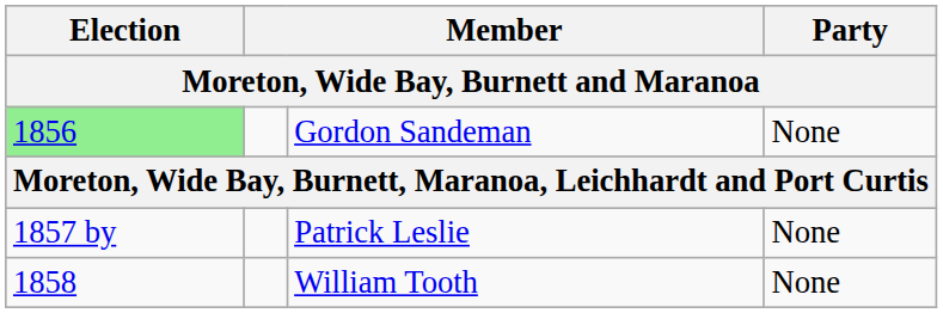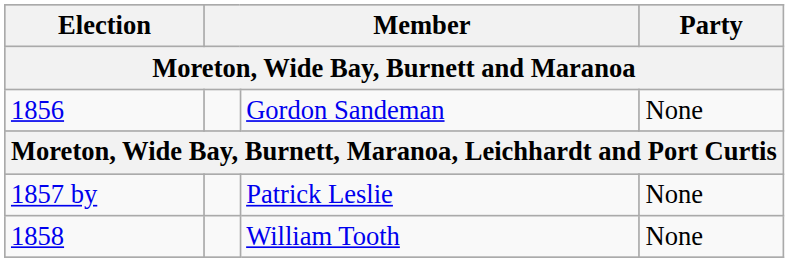 <table class="wikitable">
 <tr>
 <th>Election</th>
 <th colspan="2">Member</th>
 <th>Party</th>
 </tr>
 <tr>
 <th colspan="5">Moreton, Wide Bay, Burnett and Maranoa</th>
 </tr>
 <tr>
-<td style="background: lightgreen;"><a href='#'>1856</a></td>
+<td><a href='#'>1856</a></td>
 <td> </td>
 <td><a href='#'>Gordon Sandeman</a></td>
 <td>None</td>
 </tr>
 <tr>
 <th colspan="5">Moreton, Wide Bay, Burnett, Maranoa, Leichhardt and Port Curtis</th>
 </tr>
 <tr>
 <td><a href='#'>1857 by</a></td>
 <td> </td>
 <td><a href='#'>Patrick Leslie</a></td>
 <td>None</td>
 </tr>
 <tr>
 <td><a href='#'>1858</a></td>
 <td> </td>
 <td><a href='#'>William Tooth</a></td>
 <td>None</td>
 </tr>
 </table>
